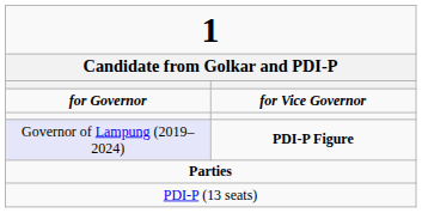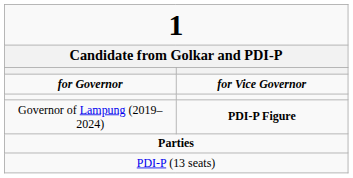 <table class="wikitable" style="font-size:90%; text-align:center;">
 <tr>
 <td colspan=2><big><big><big><big><big><strong>1</strong></big></big></big></big></big></td>
 </tr>
 <tr>
 <th colspan=2><strong><big>Candidate from Golkar and PDI-P</big></strong></th>
 </tr>
 <tr>
 <th style="width:3em; font-size:135%; background:#"><a href='#'></a></th>
 <th style="width:3em; font-size:135%; background:#"></th>
 </tr>
 <tr style="color:#000; font-size:100%; background:#">
 <td style="width:3em; width:200px;"><strong><em>for Governor</em></strong></td>
 <td style="width:3em; width:200px;"><strong><em>for Vice Governor</em></strong></td>
 </tr>
 <tr>
 <td></td>
 <td></td>
 </tr>
 <tr>
-<td style="background: lavender;">Governor of <a href='#'>Lampung</a> (2019–2024)</td>
+<td>Governor of <a href='#'>Lampung</a> (2019–2024)</td>
 <td><strong>PDI-P Figure</strong></td>
 </tr>
 <tr>
 <td colspan=2 style="background:#"><strong>Parties</strong></td>
 </tr>
 <tr>
 <td colspan=2> <a href='#'>PDI-P</a> (13 seats)</td>
 </tr>
 </table>
